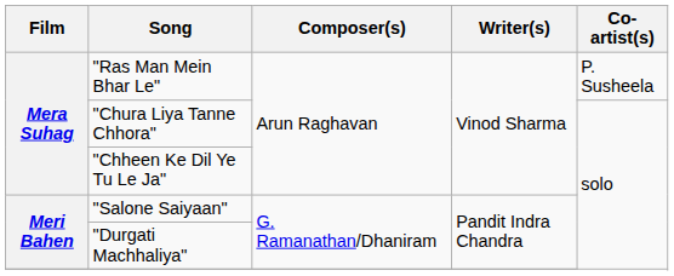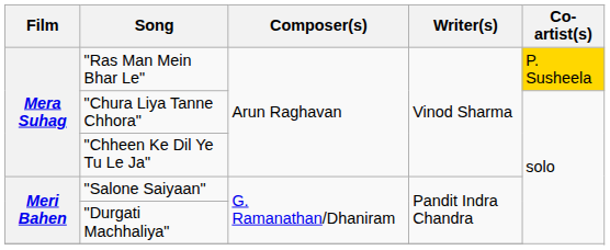 <table class="wikitable sortable">
 <tr>
 <th>Film</th>
 <th>Song</th>
 <th>Composer(s)</th>
 <th>Writer(s)</th>
 <th>Co-artist(s)</th>
 </tr>
 <tr>
 <th rowspan="3"><a href='#'><em>Mera Suhag</em></a></th>
 <td>"Ras Man Mein Bhar Le"</td>
 <td rowspan="3">Arun Raghavan</td>
 <td rowspan=3>Vinod Sharma</td>
-<td>P. Susheela</td>
+<td style="background: gold;">P. Susheela</td>
 </tr>
 <tr>
 <td>"Chura Liya Tanne Chhora"</td>
 <td rowspan=5>solo</td>
 </tr>
 <tr>
 <td>"Chheen Ke Dil Ye Tu Le Ja"</td>
 </tr>
 <tr>
 <th rowspan="2"><a href='#'><em>Meri Bahen</em></a></th>
 <td>"Salone Saiyaan"</td>
 <td rowspan="2"><a href='#'>G. Ramanathan</a>/Dhaniram</td>
 <td rowspan=2>Pandit Indra Chandra</td>
 </tr>
 <tr>
 <td>"Durgati Machhaliya"</td>
 </tr>
 <tr>
 </tr>
 </table>
